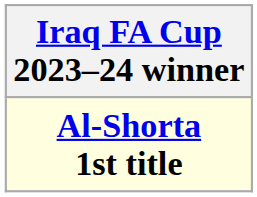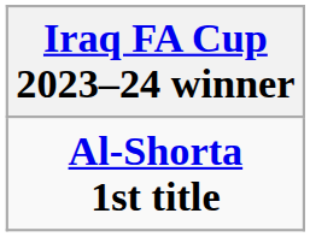 <table class="wikitable" style="text-align: center; margin: 0 auto;">
 <tr>
 <th><a href='#'>Iraq FA Cup</a><br>2023–24 winner</th>
 </tr>
 <tr>
-<td style="background: lightyellow;"><strong><a href='#'>Al-Shorta</a></strong><br><strong>1st title</strong></td>
+<td><strong><a href='#'>Al-Shorta</a></strong><br><strong>1st title</strong></td>
 </tr>
 </table>
